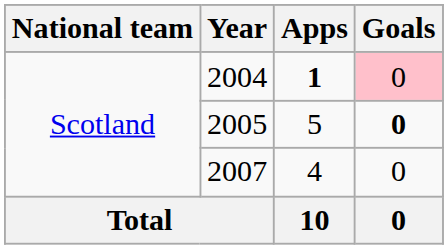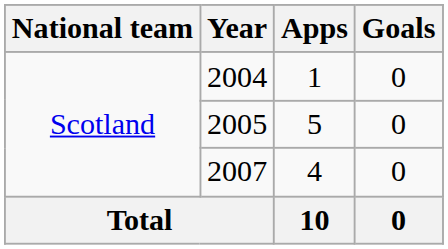 <table class="wikitable" style="text-align:center">
 <tr>
 <th>National team</th>
 <th>Year</th>
 <th>Apps</th>
 <th>Goals</th>
 </tr>
 <tr>
 <td rowspan="3"><a href='#'>Scotland</a></td>
 <td>2004</td>
-<td><strong>1</strong></td>
-<td style="background: pink;">0</td>
+<td>1</td>
+<td>0</td>
 </tr>
 <tr>
 <td>2005</td>
 <td>5</td>
-<td><strong>0</strong></td>
+<td>0</td>
 </tr>
 <tr>
 <td>2007</td>
 <td>4</td>
 <td>0</td>
 </tr>
 <tr>
 <th colspan="2">Total</th>
 <th>10</th>
 <th>0</th>
 </tr>
 </table>
